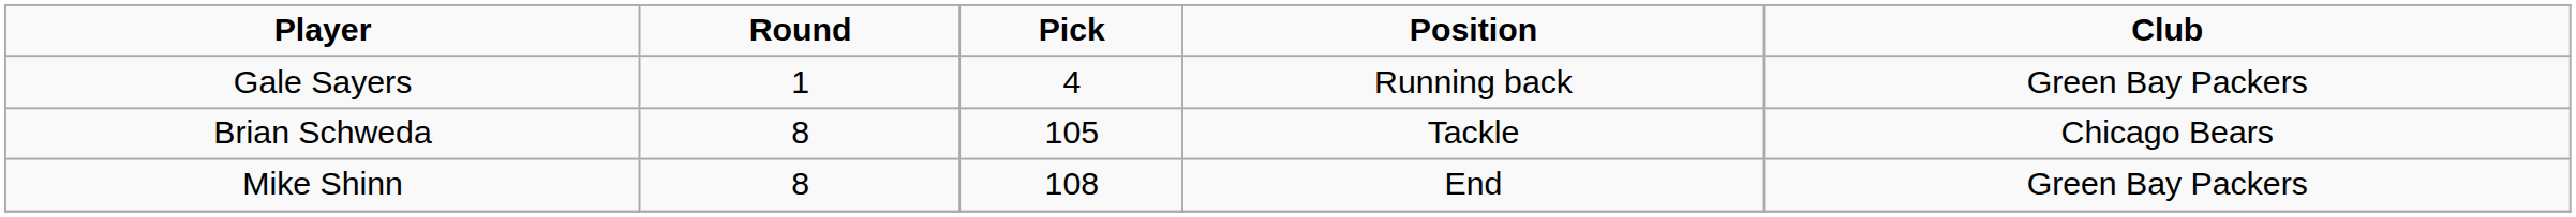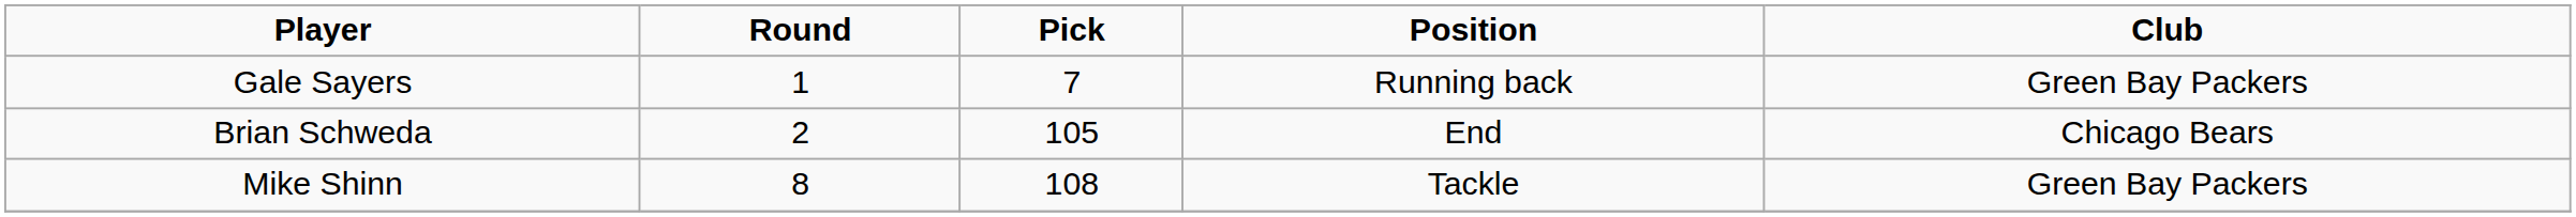 <table class="wikitable" width="80%">
 <tr align="center">
 <td><strong>Player</strong></td>
 <td><strong>Round</strong></td>
 <td><strong>Pick</strong></td>
 <td><strong>Position</strong></td>
 <td><strong>Club</strong></td>
 </tr>
 <tr align="center" bgcolor="">
 <td>Gale Sayers</td>
 <td>1</td>
-<td>4</td>
+<td>7</td>
 <td>Running back</td>
 <td>Green Bay Packers</td>
 </tr>
 <tr align="center" bgcolor="">
 <td>Brian Schweda</td>
-<td>8</td>
+<td>2</td>
 <td>105</td>
-<td>Tackle</td>
+<td>End</td>
 <td>Chicago Bears</td>
 </tr>
 <tr align="center" bgcolor="">
 <td>Mike Shinn</td>
 <td>8</td>
 <td>108</td>
-<td>End</td>
+<td>Tackle</td>
 <td>Green Bay Packers</td>
 </tr>
 <tr align="center" bgcolor="">
 </tr>
 </table>
